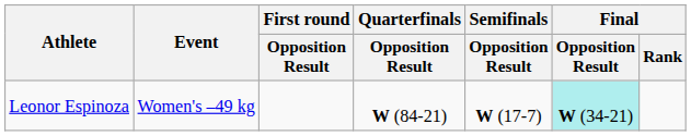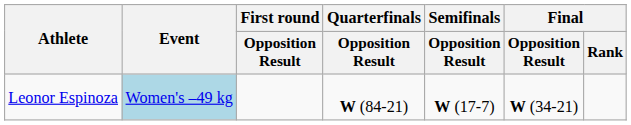 <table class="wikitable" style="font-size:90%;">
 <tr>
 <th rowspan=2>Athlete</th>
 <th rowspan=2>Event</th>
 <th>First round</th>
 <th>Quarterfinals</th>
 <th>Semifinals</th>
 <th colspan="2">Final</th>
 </tr>
 <tr style="font-size:95%">
 <th>Opposition<br>Result</th>
 <th>Opposition<br>Result</th>
 <th>Opposition<br>Result</th>
 <th>Opposition<br>Result</th>
 <th>Rank</th>
 </tr>
 <tr align=center>
 <td align=left><a href='#'>Leonor Espinoza</a></td>
-<td align=left><a href='#'>Women's –49 kg</a></td>
+<td align=left style="background: lightblue;"><a href='#'>Women's –49 kg</a></td>
 <td></td>
 <td><br><strong>W</strong> (84-21)</td>
 <td><br><strong>W</strong> (17-7)</td>
-<td style="background: paleturquoise;"><br><strong>W</strong> (34-21)</td>
+<td><br><strong>W</strong> (34-21)</td>
 <td></td>
 </tr>
 </table>
